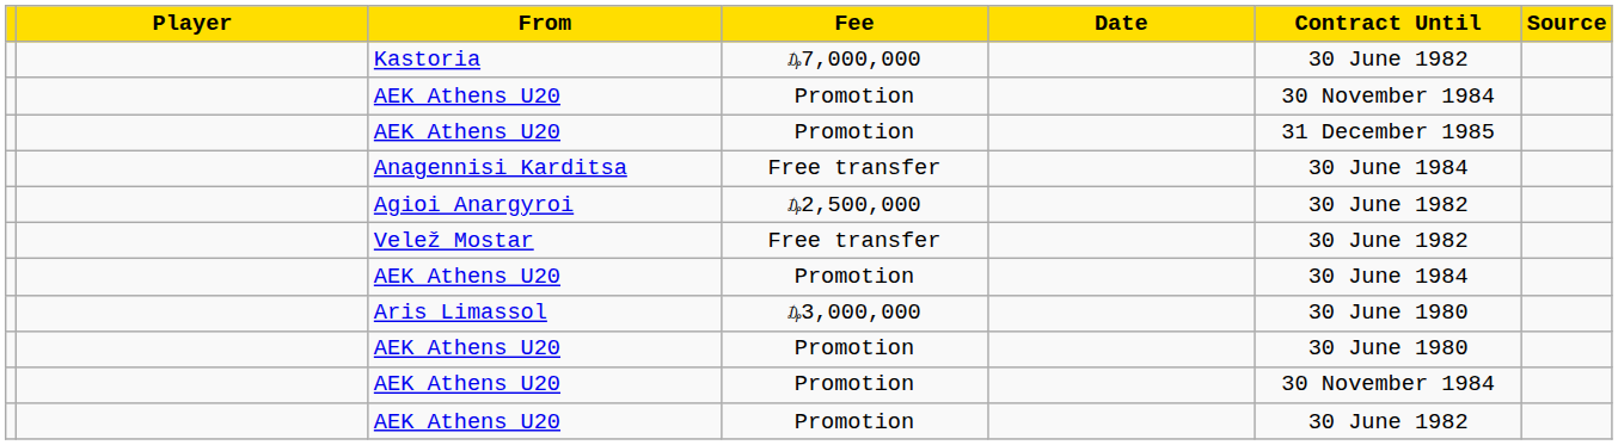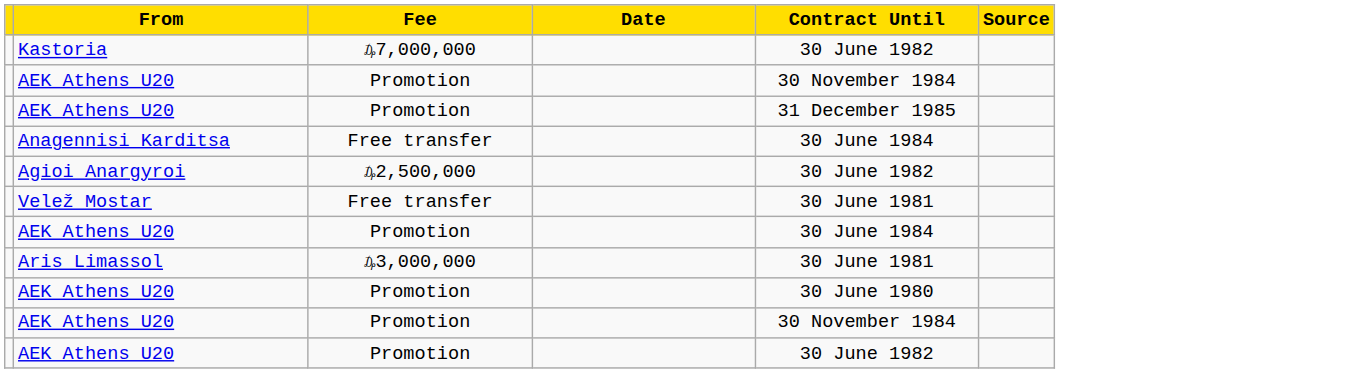 <table class="wikitable sortable">
 <tr>
 <th style="background:#FFDE00"></th>
-<th width=200 style="background:#FFDE00">Player</th>
 <th width=200 style="background:#FFDE00">From</th>
 <th width=150 style="background:#FFDE00">Fee</th>
 <th width=150 style="background:#FFDE00">Date</th>
 <th width=150 style="background:#FFDE00">Contract Until</th>
 <th style="background:#FFDE00">Source</th>
 </tr>
 <tr>
 <td align=center></td>
-<td></td>
 <td> <a href='#'>Kastoria</a></td>
 <td align=center>₯7,000,000</td>
 <td align=center></td>
 <td align=center>30 June 1982</td>
 <td align=center></td>
 </tr>
 <tr>
 <td align=center></td>
-<td></td>
 <td> <a href='#'>AEK Athens U20</a></td>
 <td align=center>Promotion</td>
 <td align=center></td>
 <td align=center>30 November 1984</td>
 <td align=center></td>
 </tr>
 <tr>
 <td align=center></td>
-<td></td>
 <td> <a href='#'>AEK Athens U20</a></td>
 <td align=center>Promotion</td>
 <td align=center></td>
 <td align=center>31 December 1985</td>
 <td align=center></td>
 </tr>
 <tr>
 <td align=center></td>
-<td></td>
 <td> <a href='#'>Anagennisi Karditsa</a></td>
 <td align=center>Free transfer</td>
 <td align=center></td>
 <td align=center>30 June 1984</td>
 <td align=center></td>
 </tr>
 <tr>
 <td align=center></td>
-<td></td>
 <td> <a href='#'>Agioi Anargyroi</a></td>
 <td align=center>₯2,500,000</td>
 <td align=center></td>
 <td align=center>30 June 1982</td>
 <td align=center></td>
 </tr>
 <tr>
 <td align=center></td>
-<td></td>
 <td> <a href='#'>Velež Mostar</a></td>
 <td align=center>Free transfer</td>
 <td align=center></td>
-<td align=center>30 June 1982</td>
+<td align=center>30 June 1981</td>
 <td align=center></td>
 </tr>
 <tr>
 <td align=center></td>
-<td></td>
 <td> <a href='#'>AEK Athens U20</a></td>
 <td align=center>Promotion</td>
 <td align=center></td>
 <td align=center>30 June 1984</td>
 <td align=center></td>
 </tr>
 <tr>
 <td align=center></td>
-<td></td>
 <td> <a href='#'>Aris Limassol</a></td>
 <td align=center>₯3,000,000</td>
 <td align=center></td>
-<td align=center>30 June 1980</td>
+<td align=center>30 June 1981</td>
 <td align=center></td>
 </tr>
 <tr>
 <td align=center></td>
-<td></td>
 <td> <a href='#'>AEK Athens U20</a></td>
 <td align=center>Promotion</td>
 <td align=center></td>
 <td align=center>30 June 1980</td>
 <td align=center></td>
 </tr>
 <tr>
 <td align=center></td>
-<td></td>
 <td> <a href='#'>AEK Athens U20</a></td>
 <td align=center>Promotion</td>
 <td align=center></td>
 <td align=center>30 November 1984</td>
 <td align=center></td>
 </tr>
 <tr>
 <td align=center></td>
-<td></td>
 <td> <a href='#'>AEK Athens U20</a></td>
 <td align=center>Promotion</td>
 <td align=center></td>
 <td align=center>30 June 1982</td>
 <td align=center></td>
 </tr>
 </table>
